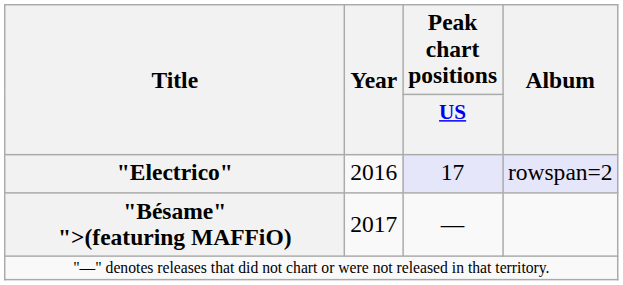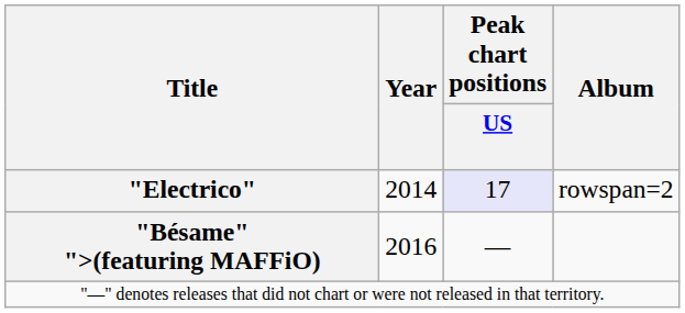 <table class="wikitable plainrowheaders" style="text-align:center;" border="1">
 <tr>
 <th scope="col" rowspan="2" style="width:14em;">Title</th>
 <th scope="col" rowspan="2">Year</th>
 <th scope="col" colspan="1">Peak chart positions</th>
 <th scope="col" rowspan="2">Album</th>
 </tr>
 <tr>
 <th scope="col" style="width:2.5em;font-size:90%;"><a href='#'>US<br></a><br></th>
 </tr>
 <tr>
 <th scope="row">"Electrico"</th>
-<td>2016</td>
+<td>2014</td>
 <td style="background: lavender;">17</td>
-<td style="background: lavender;">rowspan=2 </td>
+<td>rowspan=2 </td>
 </tr>
 <tr>
 <th scope="row">"Bésame"<br><span>">(featuring MAFFiO)</span></th>
-<td>2017</td>
+<td>2016</td>
 <td>—</td>
 </tr>
 <tr>
 <td align="center" colspan="14" style="font-size:8pt">"—" denotes releases that did not chart or were not released in that territory.</td>
 </tr>
 </table>
